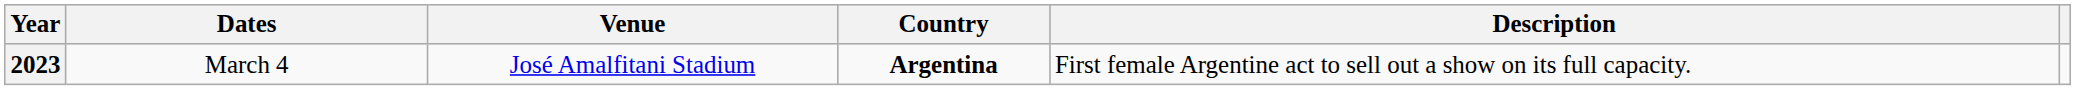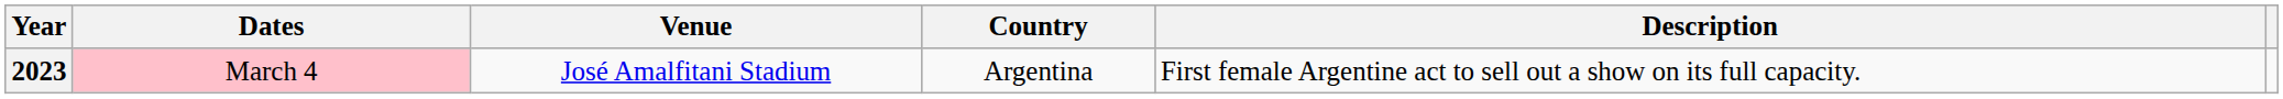 <table class="wikitable sortable plainrowheaders" style="text-align:center;">
 <tr>
 <th scope="col" style="width:2em;">Year</th>
 <th scope="col" style="width:14em;">Dates</th>
 <th scope="col" style="width:16em;">Venue</th>
 <th scope="col" style="width:8em;">Country</th>
 <th scope="col" style="width:40em;">Description</th>
 <th scope="col" class="unsortable"></th>
 </tr>
 <tr>
 <th rowspan="27" scope="row" style="text-align:center;">2023</th>
-<td>March 4</td>
+<td style="background: pink;">March 4</td>
 <td><a href='#'>José Amalfitani Stadium</a></td>
-<td><strong>Argentina</strong></td>
+<td>Argentina</td>
 <td style="text-align: left;">First female Argentine act to sell out a show on its full capacity.</td>
 <td></td>
 </tr>
 </table>
